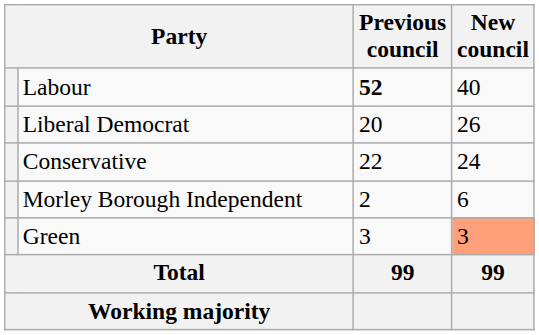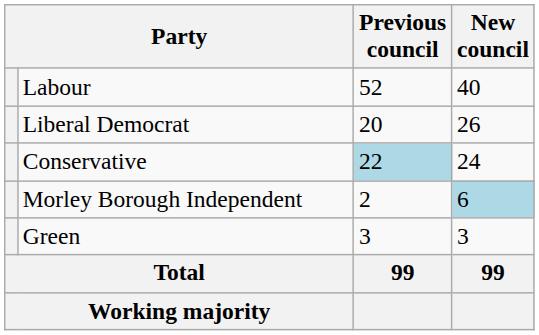 <table class="wikitable">
 <tr>
 <th valign=centre colspan="2" style="width: 230px">Party</th>
 <th valign=top style="width: 30px">Previous council</th>
 <th valign=top style="width: 30px">New council</th>
 </tr>
 <tr>
 <th style="background-color: "></th>
 <td>Labour</td>
-<td><strong>52</strong></td>
+<td>52</td>
 <td>40</td>
 </tr>
 <tr>
 <th style="background-color: "></th>
 <td>Liberal Democrat</td>
 <td>20</td>
 <td>26</td>
 </tr>
 <tr>
 <th style="background-color: "></th>
 <td>Conservative</td>
-<td>22</td>
+<td style="background: lightblue;">22</td>
 <td>24</td>
 </tr>
 <tr>
 <th style="background-color: "></th>
 <td>Morley Borough Independent</td>
 <td>2</td>
-<td>6</td>
+<td style="background: lightblue;">6</td>
 </tr>
 <tr>
 <th style="background-color: "></th>
 <td>Green</td>
 <td>3</td>
-<td style="background: lightsalmon;">3</td>
+<td>3</td>
 </tr>
 <tr>
 <th colspan=2>Total</th>
 <th style="text-align: center">99</th>
 <th colspan=3>99</th>
 </tr>
 <tr>
 <th colspan=2>Working majority</th>
 <th></th>
 <th></th>
 </tr>
 </table>
